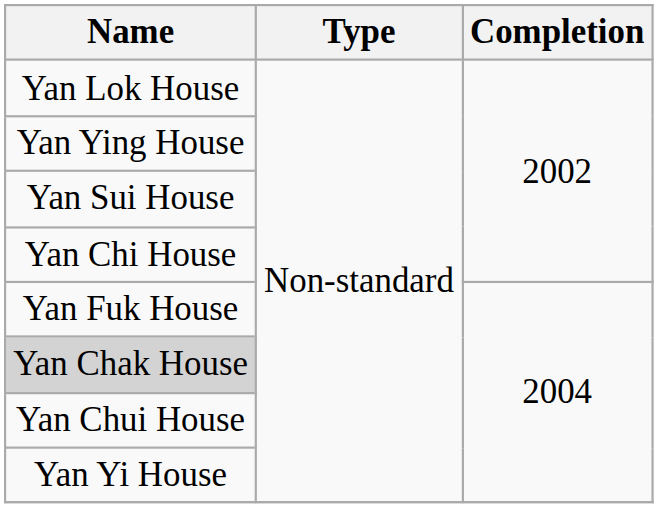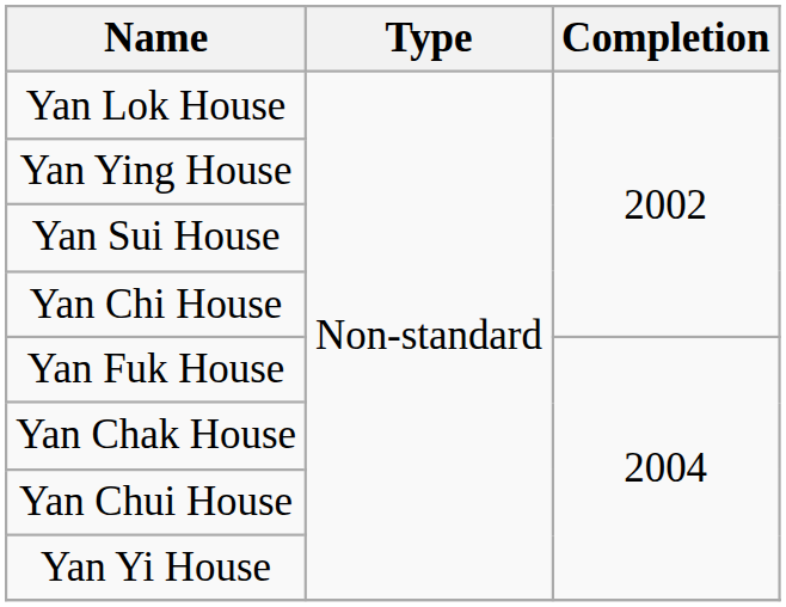 <table class="wikitable" style="text-align: center">
 <tr>
 <th>Name</th>
 <th>Type</th>
 <th>Completion</th>
 </tr>
 <tr>
 <td>Yan Lok House</td>
 <td rowspan="8">Non-standard</td>
 <td rowspan="4">2002</td>
 </tr>
 <tr>
 <td>Yan Ying House</td>
 </tr>
 <tr>
 <td>Yan Sui House</td>
 </tr>
 <tr>
 <td>Yan Chi House</td>
 </tr>
 <tr>
 <td>Yan Fuk House</td>
 <td rowspan="4">2004</td>
 </tr>
 <tr>
-<td style="background: lightgrey;">Yan Chak House</td>
+<td>Yan Chak House</td>
 </tr>
 <tr>
 <td>Yan Chui House</td>
 </tr>
 <tr>
 <td>Yan Yi House</td>
 </tr>
 <tr>
 </tr>
 </table>
